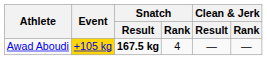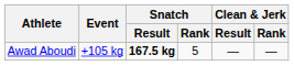 <table class="wikitable" style="font-size:90%">
 <tr>
 <th rowspan="2">Athlete</th>
 <th rowspan="2">Event</th>
 <th colspan="2">Snatch</th>
 <th colspan="2">Clean & Jerk</th>
 </tr>
 <tr>
 <th>Result</th>
 <th>Rank</th>
 <th>Result</th>
 <th>Rank</th>
 </tr>
 <tr align=center>
 <td align=left><a href='#'>Awad Aboudi</a></td>
-<td align=left style="background: gold;"><a href='#'>+105 kg</a></td>
+<td align=left><a href='#'>+105 kg</a></td>
 <td><strong>167.5 kg</strong></td>
-<td>4</td>
+<td>5</td>
 <td>—</td>
 <td>—</td>
 </tr>
 </table>
